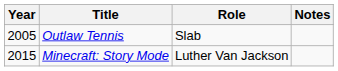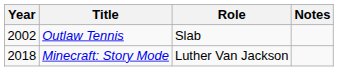 <table class="wikitable plainrowheaders sortable" style="margin–right: 0;">
 <tr>
 <th>Year</th>
 <th>Title</th>
 <th>Role</th>
 <th>Notes</th>
 </tr>
 <tr>
-<td>2005</td>
+<td>2002</td>
 <td><em><a href='#'>Outlaw Tennis</a></em></td>
 <td>Slab</td>
 <td></td>
 </tr>
 <tr>
-<td>2015</td>
+<td>2018</td>
 <td><em><a href='#'>Minecraft: Story Mode</a></em></td>
 <td>Luther Van Jackson</td>
 <td></td>
 </tr>
 </table>
